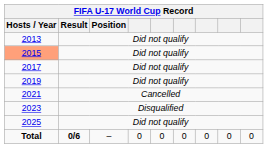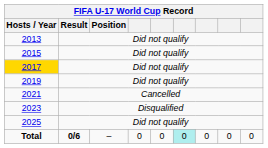 <table class="wikitable" style="text-align: center;font-size:90%;">
 <tr>
 <th colspan=9><a href='#'>FIFA U-17 World Cup</a> Record</th>
 </tr>
 <tr>
 <th>Hosts / Year</th>
 <th>Result</th>
 <th>Position</th>
 <th width=30></th>
 <th width=30></th>
 <th width=30></th>
 <th width=30></th>
 <th width=30></th>
 <th width=30></th>
 </tr>
 <tr>
 <td> <a href='#'>2013</a></td>
 <td colspan=8><em>Did not qualify</em></td>
 </tr>
 <tr>
-<td style="background: lightsalmon;"> <a href='#'>2015</a></td>
+<td> <a href='#'>2015</a></td>
 <td colspan=8><em>Did not qualify</em></td>
 </tr>
 <tr>
-<td> <a href='#'>2017</a></td>
+<td style="background: gold;"> <a href='#'>2017</a></td>
 <td colspan=8><em>Did not qualify</em></td>
 </tr>
 <tr>
 <td> <a href='#'>2019</a></td>
 <td colspan=8><em>Did not qualify</em></td>
 </tr>
 <tr>
 <td> <a href='#'>2021</a></td>
 <td colspan=8><em>Cancelled</em></td>
 </tr>
 <tr>
 <td> <a href='#'>2023</a></td>
 <td colspan=8><em>Disqualified</em></td>
 </tr>
 <tr>
 <td> <a href='#'>2025</a></td>
 <td colspan=8><em>Did not qualify</em></td>
 </tr>
 <tr>
 <td><strong>Total</strong></td>
 <td><strong>0/6</strong></td>
 <td>–</td>
 <td>0</td>
 <td>0</td>
-<td>0</td>
+<td style="background: paleturquoise;">0</td>
 <td>0</td>
 <td>0</td>
 <td>0</td>
 </tr>
 </table>
